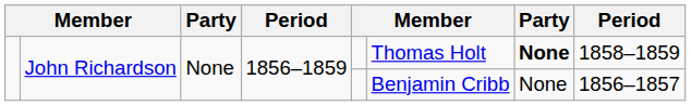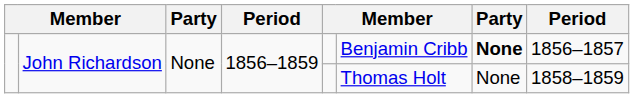 <table class="wikitable">
 <tr>
 <th colspan="2">Member</th>
 <th>Party</th>
 <th>Period</th>
 <th colspan="2">Member</th>
 <th>Party</th>
 <th>Period</th>
 </tr>
 <tr>
 <td rowspan="2" > </td>
 <td rowspan="2"><a href='#'>John Richardson</a></td>
 <td rowspan="2">None</td>
 <td rowspan="2">1856–1859</td>
 <td> </td>
-<td><a href='#'>Thomas Holt</a></td>
+<td><a href='#'>Benjamin Cribb</a></td>
 <td><strong>None</strong></td>
-<td>1858–1859</td>
+<td>1856–1857</td>
 </tr>
 <tr>
 <td> </td>
-<td><a href='#'>Benjamin Cribb</a></td>
+<td><a href='#'>Thomas Holt</a></td>
 <td>None</td>
-<td>1856–1857</td>
+<td>1858–1859</td>
 </tr>
 </table>
